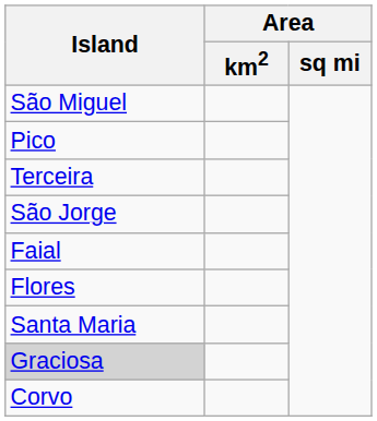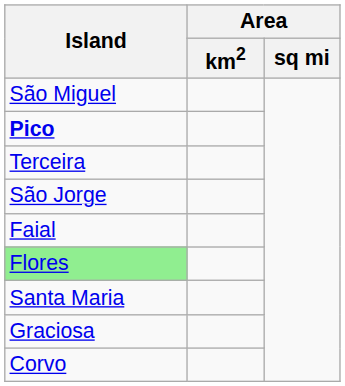 <table class="wikitable" style="float: right;">
 <tr>
 <th style="width:130px;" rowspan="2">Island</th>
 <th colspan="2">Area</th>
 </tr>
 <tr>
 <th style="width:50px;">km<sup>2</sup></th>
 <th style="width:50px;">sq mi</th>
 </tr>
 <tr>
 <td><a href='#'>São Miguel</a></td>
 <td></td>
 </tr>
 <tr>
-<td><a href='#'>Pico</a></td>
+<td><strong><a href='#'>Pico</a></strong></td>
 <td></td>
 </tr>
 <tr>
 <td><a href='#'>Terceira</a></td>
 <td></td>
 </tr>
 <tr>
 <td><a href='#'>São Jorge</a></td>
 <td></td>
 </tr>
 <tr>
 <td><a href='#'>Faial</a></td>
 <td></td>
 </tr>
 <tr>
-<td><a href='#'>Flores</a></td>
+<td style="background: lightgreen;"><a href='#'>Flores</a></td>
 <td></td>
 </tr>
 <tr>
 <td><a href='#'>Santa Maria</a></td>
 <td></td>
 </tr>
 <tr>
-<td style="background: lightgrey;"><a href='#'>Graciosa</a></td>
+<td><a href='#'>Graciosa</a></td>
 <td></td>
 </tr>
 <tr>
 <td><a href='#'>Corvo</a></td>
 <td></td>
 </tr>
 </table>
